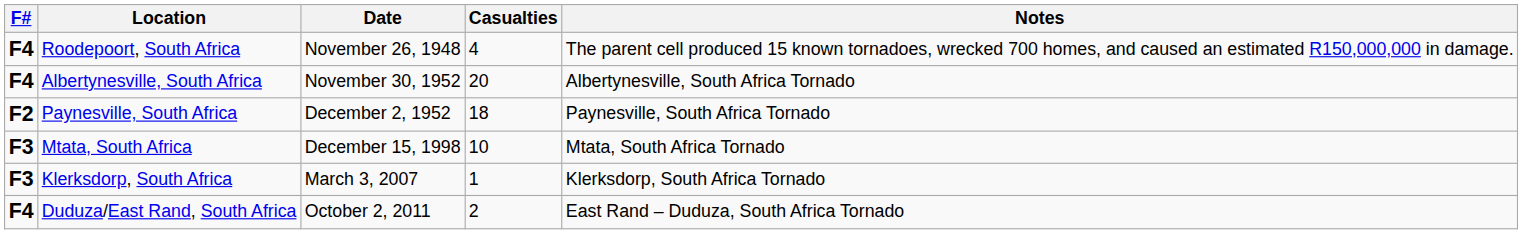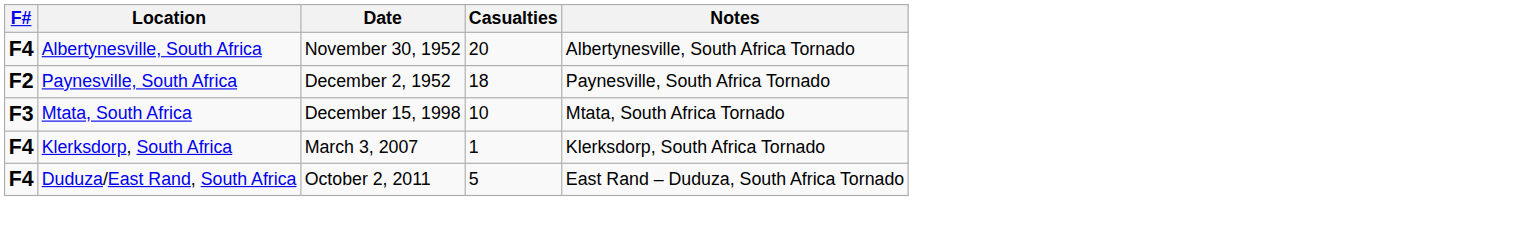 <table class="sortable wikitable">
 <tr>
 <th><a href='#'>F#</a></th>
 <th>Location</th>
 <th>Date</th>
 <th>Casualties</th>
 <th class=unsortable>Notes</th>
-</tr>
-<tr>
-<td><big><strong>F4</strong></big></td>
-<td><a href='#'>Roodepoort</a>, <a href='#'>South Africa</a></td>
-<td>November 26, 1948</td>
-<td>4</td>
-<td>The parent cell produced 15 known tornadoes, wrecked 700 homes, and caused an estimated <a href='#'>R150,000,000</a> in damage.</td>
 </tr>
 <tr>
 <td><big><strong>F4</strong></big></td>
 <td><a href='#'>Albertynesville, South Africa</a></td>
 <td>November 30, 1952</td>
 <td>20</td>
 <td>Albertynesville, South Africa Tornado</td>
 </tr>
 <tr>
 <td><big><strong>F2</strong></big></td>
 <td><a href='#'>Paynesville, South Africa</a></td>
 <td>December 2, 1952</td>
 <td>18</td>
 <td>Paynesville, South Africa Tornado</td>
 </tr>
 <tr>
 <td><big><strong>F3</strong></big></td>
 <td><a href='#'>Mtata, South Africa</a></td>
 <td>December 15, 1998</td>
 <td>10</td>
 <td>Mtata, South Africa Tornado</td>
 </tr>
 <tr>
-<td><big><strong>F3</strong></big></td>
+<td><big><strong>F4</strong></big></td>
 <td><a href='#'>Klerksdorp</a>, <a href='#'>South Africa</a></td>
 <td>March 3, 2007</td>
 <td>1</td>
 <td>Klerksdorp, South Africa Tornado</td>
 </tr>
 <tr>
 <td><big><strong>F4</strong></big></td>
 <td><a href='#'>Duduza</a>/<a href='#'>East Rand</a>, <a href='#'>South Africa</a></td>
 <td>October 2, 2011</td>
-<td>2</td>
+<td>5</td>
 <td>East Rand – Duduza, South Africa Tornado</td>
 </tr>
 </table>
